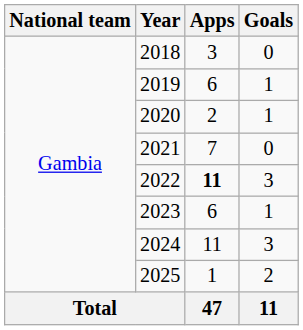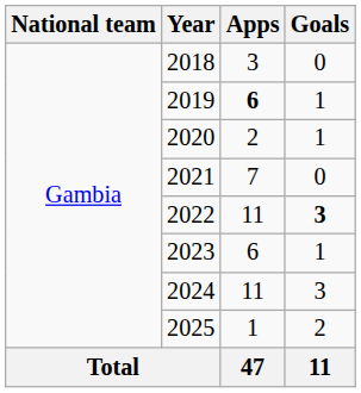 <table class=wikitable style=text-align:center>
 <tr>
 <th>National team</th>
 <th>Year</th>
 <th>Apps</th>
 <th>Goals</th>
 </tr>
 <tr>
 <td rowspan="8"><a href='#'>Gambia</a></td>
 <td>2018</td>
 <td>3</td>
 <td>0</td>
 </tr>
 <tr>
 <td>2019</td>
-<td>6</td>
+<td><strong>6</strong></td>
 <td>1</td>
 </tr>
 <tr>
 <td>2020</td>
 <td>2</td>
 <td>1</td>
 </tr>
 <tr>
 <td>2021</td>
 <td>7</td>
 <td>0</td>
 </tr>
 <tr>
 <td>2022</td>
-<td><strong>11</strong></td>
-<td>3</td>
+<td>11</td>
+<td><strong>3</strong></td>
 </tr>
 <tr>
 <td>2023</td>
 <td>6</td>
 <td>1</td>
 </tr>
 <tr>
 <td>2024</td>
 <td>11</td>
 <td>3</td>
 </tr>
 <tr>
 <td>2025</td>
 <td>1</td>
 <td>2</td>
 </tr>
 <tr>
 <th colspan="2">Total</th>
 <th>47</th>
 <th>11</th>
 </tr>
 </table>
